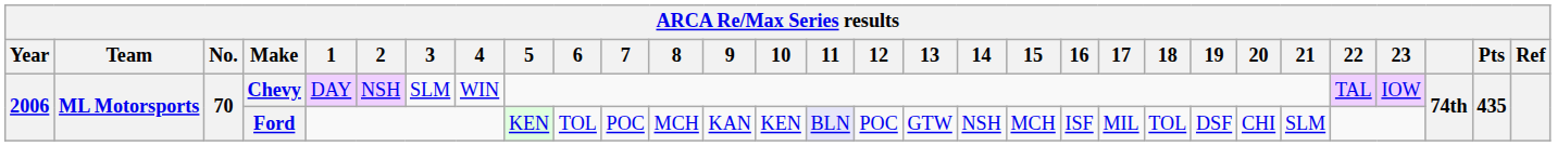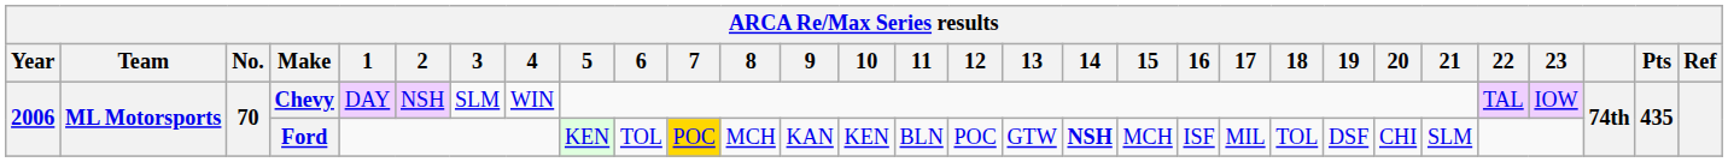 <table class="wikitable" style="text-align:center; font-size:75%">
 <tr>
 <th colspan=30><a href='#'>ARCA Re/Max Series</a> results</th>
 </tr>
 <tr>
 <th>Year</th>
 <th>Team</th>
 <th>No.</th>
 <th>Make</th>
 <th>1</th>
 <th>2</th>
 <th>3</th>
 <th>4</th>
 <th>5</th>
 <th>6</th>
 <th>7</th>
 <th>8</th>
 <th>9</th>
 <th>10</th>
 <th>11</th>
 <th>12</th>
 <th>13</th>
 <th>14</th>
 <th>15</th>
 <th>16</th>
 <th>17</th>
 <th>18</th>
 <th>19</th>
 <th>20</th>
 <th>21</th>
 <th>22</th>
 <th>23</th>
 <th></th>
 <th>Pts</th>
 <th>Ref</th>
 </tr>
 <tr>
 <th rowspan=2><a href='#'>2006</a></th>
 <th rowspan=2><a href='#'>ML Motorsports</a></th>
 <th rowspan=2>70</th>
 <th><a href='#'>Chevy</a></th>
 <td style="background:#EFCFFF;"><a href='#'>DAY</a><br></td>
 <td style="background:#EFCFFF;"><a href='#'>NSH</a><br></td>
 <td><a href='#'>SLM</a></td>
 <td><a href='#'>WIN</a></td>
 <td colspan=17></td>
 <td style="background:#EFCFFF;"><a href='#'>TAL</a><br></td>
 <td style="background:#EFCFFF;"><a href='#'>IOW</a><br></td>
 <th rowspan=2>74th</th>
 <th rowspan=2>435</th>
 <th rowspan=2></th>
 </tr>
 <tr>
 <th><a href='#'>Ford</a></th>
 <td colspan=4></td>
 <td style="background:#DFFFDF;"><a href='#'>KEN</a><br></td>
 <td><a href='#'>TOL</a></td>
-<td><a href='#'>POC</a></td>
+<td style="background: gold;"><a href='#'>POC</a></td>
 <td><a href='#'>MCH</a></td>
 <td><a href='#'>KAN</a></td>
 <td><a href='#'>KEN</a></td>
-<td style="background: lavender;"><a href='#'>BLN</a></td>
+<td><a href='#'>BLN</a></td>
 <td><a href='#'>POC</a></td>
 <td><a href='#'>GTW</a></td>
-<td><a href='#'>NSH</a></td>
+<td><strong><a href='#'>NSH</a></strong></td>
 <td><a href='#'>MCH</a></td>
 <td><a href='#'>ISF</a></td>
 <td><a href='#'>MIL</a></td>
 <td><a href='#'>TOL</a></td>
 <td><a href='#'>DSF</a></td>
 <td><a href='#'>CHI</a></td>
 <td><a href='#'>SLM</a></td>
 <td colspan=2></td>
 </tr>
 </table>
